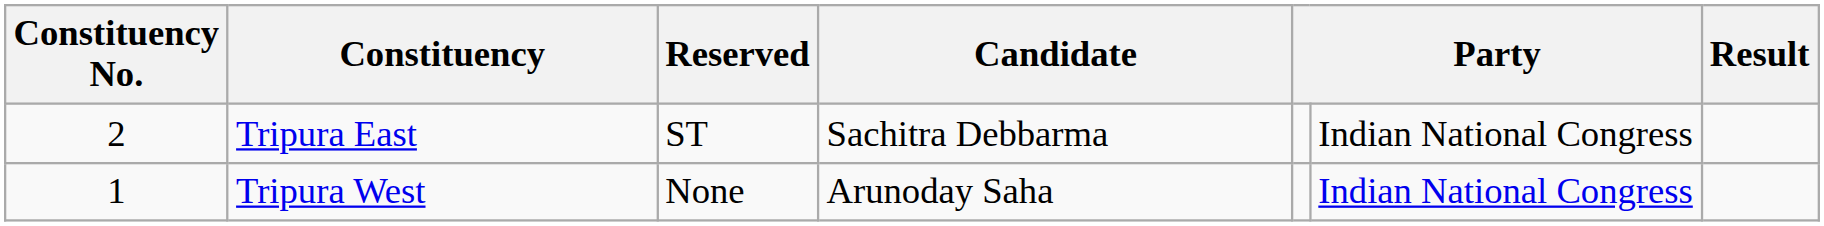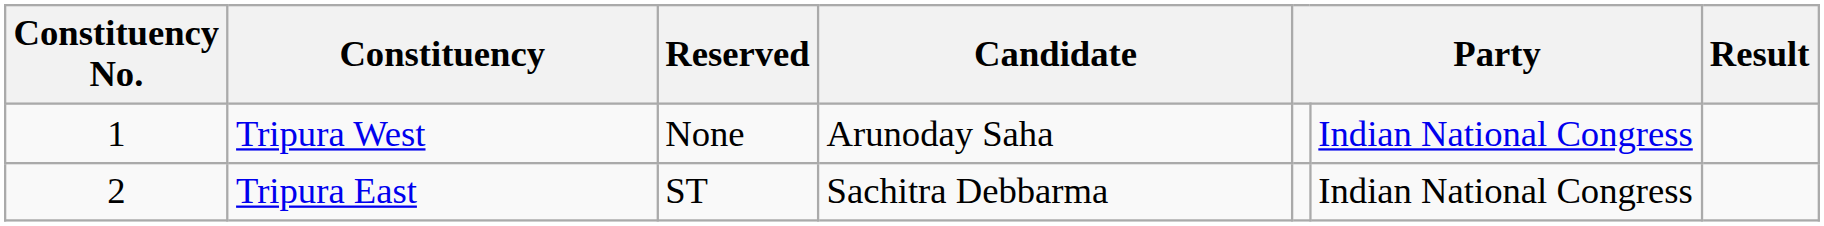 <table class= "wikitable sortable">
 <tr>
 <th>Constituency <br> No.</th>
 <th style="width:180px;">Constituency</th>
 <th>Reserved</th>
 <th style="width:200px;">Candidate</th>
 <th colspan=2>Party</th>
 <th>Result</th>
 </tr>
 <tr>
+<td align="center">1</td>
+<td><a href='#'>Tripura West</a></td>
+<td>None</td>
+<td>Arunoday Saha</td>
+<td></td>
+<td><a href='#'>Indian National Congress</a></td>
+<td></td>
+</tr>
+<tr>
 <td align="center">2</td>
 <td><a href='#'>Tripura East</a></td>
 <td>ST</td>
 <td>Sachitra Debbarma</td>
 <td></td>
 <td>Indian National Congress</td>
 <td></td>
 </tr>
-<tr>
-<td align="center">1</td>
-<td><a href='#'>Tripura West</a></td>
-<td>None</td>
-<td>Arunoday Saha</td>
-<td></td>
-<td><a href='#'>Indian National Congress</a></td>
-<td></td>
-</tr>
 </table>
